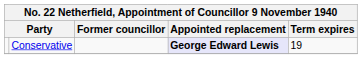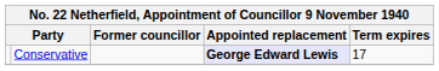 <table class="wikitable">
 <tr>
 <th colspan="5"><strong>No. 22 Netherfield, Appointment of Councillor 9 November 1940</strong></th>
 </tr>
 <tr>
 <th colspan="2">Party</th>
 <th>Former councillor</th>
 <th>Appointed replacement</th>
 <th>Term expires</th>
 </tr>
 <tr>
 <td style="background-color:"></td>
 <td><a href='#'>Conservative</a></td>
 <td></td>
 <td style="background: lavender;"><strong>George Edward Lewis</strong></td>
-<td>19</td>
+<td>17</td>
 </tr>
 <tr>
 </tr>
 </table>
